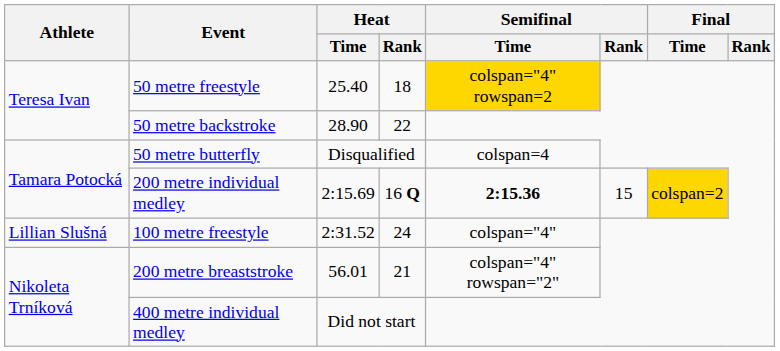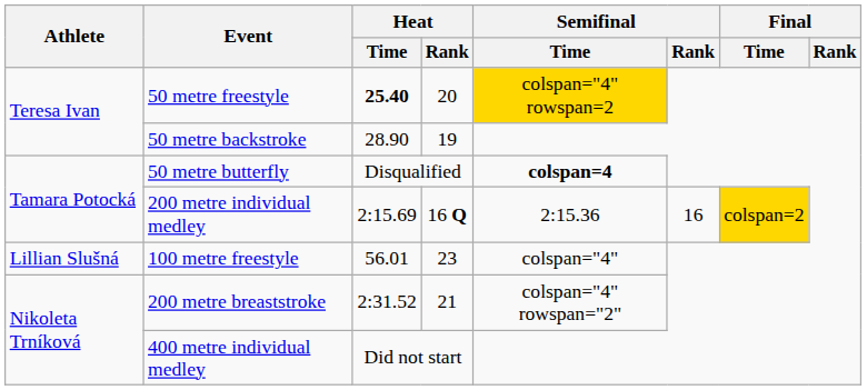 <table class="wikitable" style="text-align:center; font-size:90%; width:50%;">
 <tr>
 <th rowspan="2">Athlete</th>
 <th rowspan="2">Event</th>
 <th colspan="2">Heat</th>
 <th colspan="2">Semifinal</th>
 <th colspan="2">Final</th>
 </tr>
 <tr style="font-size:95%">
 <th>Time</th>
 <th>Rank</th>
 <th>Time</th>
 <th>Rank</th>
 <th>Time</th>
 <th>Rank</th>
 </tr>
 <tr align=center>
 <td align=left rowspan=2><a href='#'>Teresa Ivan</a></td>
 <td align=left><a href='#'>50 metre freestyle</a></td>
-<td>25.40</td>
-<td>18</td>
+<td><strong>25.40</strong></td>
+<td>20</td>
 <td style="background: gold;">colspan="4" rowspan=2</td>
 </tr>
 <tr align=center>
 <td align=left><a href='#'>50 metre backstroke</a></td>
 <td>28.90</td>
-<td>22</td>
+<td>19</td>
 </tr>
 <tr align=center>
 <td align=left rowspan=2><a href='#'>Tamara Potocká</a></td>
 <td align=left><a href='#'>50 metre butterfly</a></td>
 <td colspan="2">Disqualified</td>
-<td>colspan=4 </td>
+<td><strong>colspan=4 </strong></td>
 </tr>
 <tr align=center>
 <td align=left><a href='#'>200 metre individual medley</a></td>
 <td>2:15.69</td>
 <td>16 <strong>Q</strong></td>
-<td><strong>2:15.36</strong></td>
-<td>15</td>
+<td>2:15.36</td>
+<td>16</td>
 <td style="background: gold;">colspan=2 </td>
 </tr>
 <tr align=center>
 <td align=left><a href='#'>Lillian Slušná</a></td>
 <td align=left><a href='#'>100 metre freestyle</a></td>
-<td>2:31.52</td>
-<td>24</td>
+<td>56.01</td>
+<td>23</td>
 <td>colspan="4" </td>
 </tr>
 <tr align=center>
 <td align=left rowspan="2"><a href='#'>Nikoleta Trníková</a></td>
 <td align=left><a href='#'>200 metre breaststroke</a></td>
-<td>56.01</td>
+<td>2:31.52</td>
 <td>21</td>
 <td>colspan="4" rowspan="2" </td>
 </tr>
 <tr align=center>
 <td align=left><a href='#'>400 metre individual medley</a></td>
 <td colspan=2>Did not start</td>
 </tr>
 </table>
